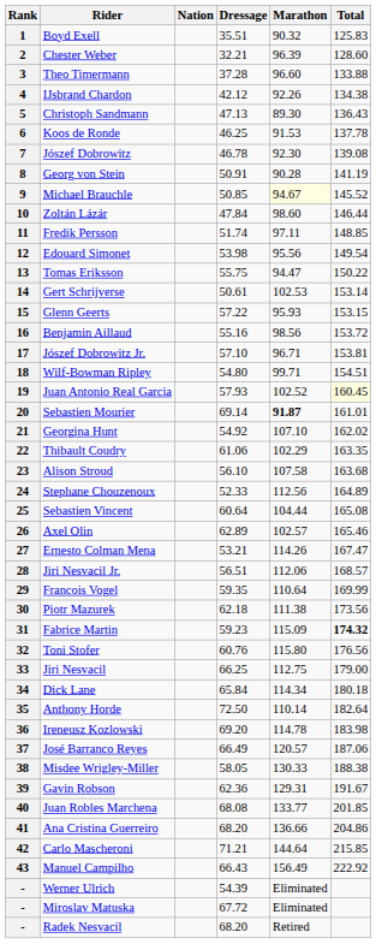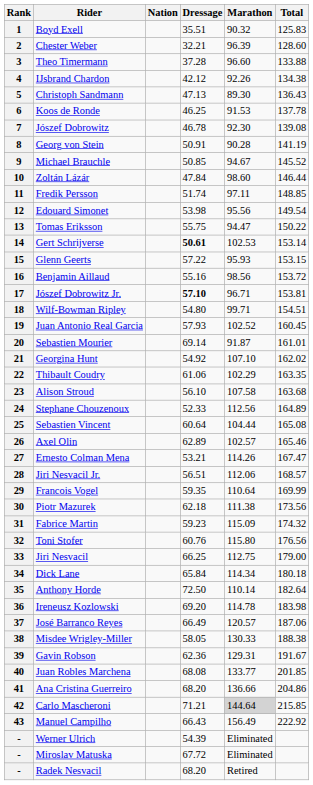 <table class="wikitable sortable">
 <tr>
 <th>Rank</th>
 <th>Rider</th>
 <th>Nation</th>
 <th>Dressage</th>
 <th>Marathon</th>
 <th>Total</th>
 </tr>
 <tr>
 <th>1</th>
 <td><a href='#'>Boyd Exell</a></td>
 <td></td>
 <td>35.51</td>
 <td>90.32</td>
 <td>125.83</td>
 </tr>
 <tr>
 <th>2</th>
 <td><a href='#'>Chester Weber</a></td>
 <td></td>
 <td>32.21</td>
 <td>96.39</td>
 <td>128.60</td>
 </tr>
 <tr>
 <th>3</th>
 <td><a href='#'>Theo Timermann</a></td>
 <td></td>
 <td>37.28</td>
 <td>96.60</td>
 <td>133.88</td>
 </tr>
 <tr>
 <th>4</th>
 <td><a href='#'>IJsbrand Chardon</a></td>
 <td></td>
 <td>42.12</td>
 <td>92.26</td>
 <td>134.38</td>
 </tr>
 <tr>
 <th>5</th>
 <td><a href='#'>Christoph Sandmann</a></td>
 <td></td>
 <td>47.13</td>
 <td>89.30</td>
 <td>136.43</td>
 </tr>
 <tr>
 <th>6</th>
 <td><a href='#'>Koos de Ronde</a></td>
 <td></td>
 <td>46.25</td>
 <td>91.53</td>
 <td>137.78</td>
 </tr>
 <tr>
 <th>7</th>
 <td><a href='#'>Jószef Dobrowitz</a></td>
 <td></td>
 <td>46.78</td>
 <td>92.30</td>
 <td>139.08</td>
 </tr>
 <tr>
 <th>8</th>
 <td><a href='#'>Georg von Stein</a></td>
 <td></td>
 <td>50.91</td>
 <td>90.28</td>
 <td>141.19</td>
 </tr>
 <tr>
 <th>9</th>
 <td><a href='#'>Michael Brauchle</a></td>
 <td></td>
 <td>50.85</td>
-<td style="background: lightyellow;">94.67</td>
+<td>94.67</td>
 <td>145.52</td>
 </tr>
 <tr>
 <th>10</th>
 <td><a href='#'>Zoltán Lázár</a></td>
 <td></td>
 <td>47.84</td>
 <td>98.60</td>
 <td>146.44</td>
 </tr>
 <tr>
 <th>11</th>
 <td><a href='#'>Fredik Persson</a></td>
 <td></td>
 <td>51.74</td>
 <td>97.11</td>
 <td>148.85</td>
 </tr>
 <tr>
 <th>12</th>
 <td><a href='#'>Edouard Simonet</a></td>
 <td></td>
 <td>53.98</td>
 <td>95.56</td>
 <td>149.54</td>
 </tr>
 <tr>
 <th>13</th>
 <td><a href='#'>Tomas Eriksson</a></td>
 <td></td>
 <td>55.75</td>
 <td>94.47</td>
 <td>150.22</td>
 </tr>
 <tr>
 <th>14</th>
 <td><a href='#'>Gert Schrijverse</a></td>
 <td></td>
-<td>50.61</td>
+<td><strong>50.61</strong></td>
 <td>102.53</td>
 <td>153.14</td>
 </tr>
 <tr>
 <th>15</th>
 <td><a href='#'>Glenn Geerts</a></td>
 <td></td>
 <td>57.22</td>
 <td>95.93</td>
 <td>153.15</td>
 </tr>
 <tr>
 <th>16</th>
 <td><a href='#'>Benjamin Aillaud</a></td>
 <td></td>
 <td>55.16</td>
 <td>98.56</td>
 <td>153.72</td>
 </tr>
 <tr>
 <th>17</th>
 <td><a href='#'>Jószef Dobrowitz Jr.</a></td>
 <td></td>
-<td>57.10</td>
+<td><strong>57.10</strong></td>
 <td>96.71</td>
 <td>153.81</td>
 </tr>
 <tr>
 <th>18</th>
 <td><a href='#'>Wilf-Bowman Ripley</a></td>
 <td></td>
 <td>54.80</td>
 <td>99.71</td>
 <td>154.51</td>
 </tr>
 <tr>
 <th>19</th>
 <td><a href='#'>Juan Antonio Real Garcia</a></td>
 <td></td>
 <td>57.93</td>
 <td>102.52</td>
-<td style="background: lightyellow;">160.45</td>
+<td>160.45</td>
 </tr>
 <tr>
 <th>20</th>
 <td><a href='#'>Sebastien Mourier</a></td>
 <td></td>
 <td>69.14</td>
-<td><strong>91.87</strong></td>
+<td>91.87</td>
 <td>161.01</td>
 </tr>
 <tr>
 <th>21</th>
 <td><a href='#'>Georgina Hunt</a></td>
 <td></td>
 <td>54.92</td>
 <td>107.10</td>
 <td>162.02</td>
 </tr>
 <tr>
 <th>22</th>
 <td><a href='#'>Thibault Coudry</a></td>
 <td></td>
 <td>61.06</td>
 <td>102.29</td>
 <td>163.35</td>
 </tr>
 <tr>
 <th>23</th>
 <td><a href='#'>Alison Stroud</a></td>
 <td></td>
 <td>56.10</td>
 <td>107.58</td>
 <td>163.68</td>
 </tr>
 <tr>
 <th>24</th>
 <td><a href='#'>Stephane Chouzenoux</a></td>
 <td></td>
 <td>52.33</td>
 <td>112.56</td>
 <td>164.89</td>
 </tr>
 <tr>
 <th>25</th>
 <td><a href='#'>Sebastien Vincent</a></td>
 <td></td>
 <td>60.64</td>
 <td>104.44</td>
 <td>165.08</td>
 </tr>
 <tr>
 <th>26</th>
 <td><a href='#'>Axel Olin</a></td>
 <td></td>
 <td>62.89</td>
 <td>102.57</td>
 <td>165.46</td>
 </tr>
 <tr>
 <th>27</th>
 <td><a href='#'>Ernesto Colman Mena</a></td>
 <td></td>
 <td>53.21</td>
 <td>114.26</td>
 <td>167.47</td>
 </tr>
 <tr>
 <th>28</th>
 <td><a href='#'>Jiri Nesvacil Jr.</a></td>
 <td></td>
 <td>56.51</td>
 <td>112.06</td>
 <td>168.57</td>
 </tr>
 <tr>
 <th>29</th>
 <td><a href='#'>Francois Vogel</a></td>
 <td></td>
 <td>59.35</td>
 <td>110.64</td>
 <td>169.99</td>
 </tr>
 <tr>
 <th>30</th>
 <td><a href='#'>Piotr Mazurek</a></td>
 <td></td>
 <td>62.18</td>
 <td>111.38</td>
 <td>173.56</td>
 </tr>
 <tr>
 <th>31</th>
 <td><a href='#'>Fabrice Martin</a></td>
 <td></td>
 <td>59.23</td>
 <td>115.09</td>
-<td><strong>174.32</strong></td>
+<td>174.32</td>
 </tr>
 <tr>
 <th>32</th>
 <td><a href='#'>Toni Stofer</a></td>
 <td></td>
 <td>60.76</td>
 <td>115.80</td>
 <td>176.56</td>
 </tr>
 <tr>
 <th>33</th>
 <td><a href='#'>Jiri Nesvacil</a></td>
 <td></td>
 <td>66.25</td>
 <td>112.75</td>
 <td>179.00</td>
 </tr>
 <tr>
 <th>34</th>
 <td><a href='#'>Dick Lane</a></td>
 <td></td>
 <td>65.84</td>
 <td>114.34</td>
 <td>180.18</td>
 </tr>
 <tr>
 <th>35</th>
 <td><a href='#'>Anthony Horde</a></td>
 <td></td>
 <td>72.50</td>
 <td>110.14</td>
 <td>182.64</td>
 </tr>
 <tr>
 <th>36</th>
 <td><a href='#'>Ireneusz Kozlowski</a></td>
 <td></td>
 <td>69.20</td>
 <td>114.78</td>
 <td>183.98</td>
 </tr>
 <tr>
 <th>37</th>
 <td><a href='#'>José Barranco Reyes</a></td>
 <td></td>
 <td>66.49</td>
 <td>120.57</td>
 <td>187.06</td>
 </tr>
 <tr>
 <th>38</th>
 <td><a href='#'>Misdee Wrigley-Miller</a></td>
 <td></td>
 <td>58.05</td>
 <td>130.33</td>
 <td>188.38</td>
 </tr>
 <tr>
 <th>39</th>
 <td><a href='#'>Gavin Robson</a></td>
 <td></td>
 <td>62.36</td>
 <td>129.31</td>
 <td>191.67</td>
 </tr>
 <tr>
 <th>40</th>
 <td><a href='#'>Juan Robles Marchena</a></td>
 <td></td>
 <td>68.08</td>
 <td>133.77</td>
 <td>201.85</td>
 </tr>
 <tr>
 <th>41</th>
 <td><a href='#'>Ana Cristina Guerreiro</a></td>
 <td></td>
 <td>68.20</td>
 <td>136.66</td>
 <td>204.86</td>
 </tr>
 <tr>
 <th>42</th>
 <td><a href='#'>Carlo Mascheroni</a></td>
 <td></td>
 <td>71.21</td>
-<td>144.64</td>
+<td style="background: lightgrey;">144.64</td>
 <td>215.85</td>
 </tr>
 <tr>
 <th>43</th>
 <td><a href='#'>Manuel Campilho</a></td>
 <td></td>
 <td>66.43</td>
 <td>156.49</td>
 <td>222.92</td>
 </tr>
 <tr>
 <th>-</th>
 <td><a href='#'>Werner Ulrich</a></td>
 <td></td>
 <td>54.39</td>
 <td>Eliminated</td>
 <td></td>
 </tr>
 <tr>
 <th>-</th>
 <td><a href='#'>Miroslav Matuska</a></td>
 <td></td>
 <td>67.72</td>
 <td>Eliminated</td>
 <td></td>
 </tr>
 <tr>
 <th>-</th>
 <td><a href='#'>Radek Nesvacil</a></td>
 <td></td>
 <td>68.20</td>
 <td>Retired</td>
 <td></td>
 </tr>
 </table>
